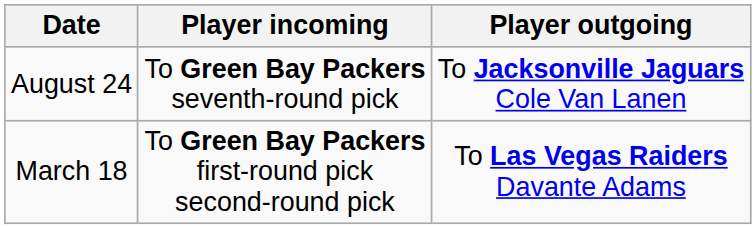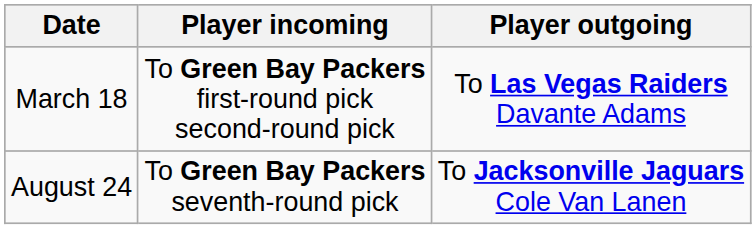 <table class="wikitable" style="text-align:center">
 <tr>
 <th>Date</th>
 <th>Player incoming</th>
 <th>Player outgoing</th>
 </tr>
 <tr>
+<td>March 18</td>
+<td>To <strong>Green Bay Packers</strong><br>first-round pick<br>second-round pick</td>
+<td>To <strong><a href='#'>Las Vegas Raiders</a></strong><br><a href='#'>Davante Adams</a></td>
+</tr>
+<tr>
 <td>August 24</td>
 <td>To <strong>Green Bay Packers</strong><br>seventh-round pick</td>
 <td>To <strong><a href='#'>Jacksonville Jaguars</a></strong><br><a href='#'>Cole Van Lanen</a></td>
 </tr>
-<tr>
-<td>March 18</td>
-<td>To <strong>Green Bay Packers</strong><br>first-round pick<br>second-round pick</td>
-<td>To <strong><a href='#'>Las Vegas Raiders</a></strong><br><a href='#'>Davante Adams</a></td>
-</tr>
 </table>
